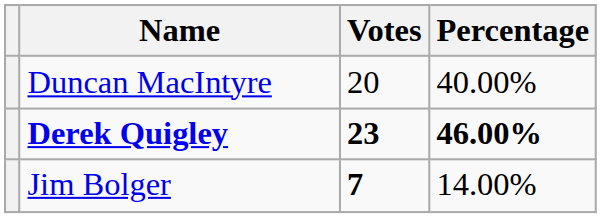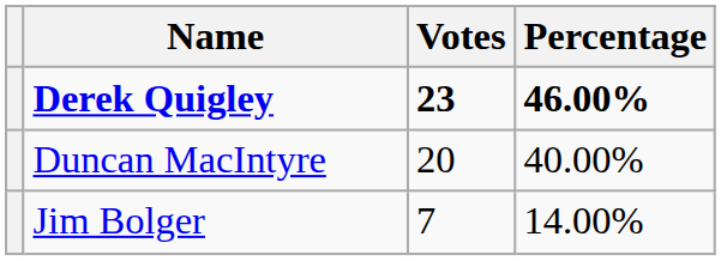 <table class="wikitable">
 <tr>
 <th></th>
 <th>Name</th>
 <th>Votes</th>
 <th>Percentage</th>
 </tr>
 <tr>
 <th style="background-color: "></th>
+<td width="150"><strong><a href='#'>Derek Quigley</a></strong></td>
+<td><strong>23</strong></td>
+<td><strong>46.00%</strong></td>
+</tr>
+<tr>
+<th style="background-color: "></th>
 <td><a href='#'>Duncan MacIntyre</a></td>
 <td>20</td>
 <td>40.00%</td>
 </tr>
 <tr>
 <th style="background-color: "></th>
-<td width="150"><strong><a href='#'>Derek Quigley</a></strong></td>
-<td><strong>23</strong></td>
-<td><strong>46.00%</strong></td>
-</tr>
-<tr>
-<th style="background-color: "></th>
 <td><a href='#'>Jim Bolger</a></td>
-<td><strong>7</strong></td>
+<td>7</td>
 <td>14.00%</td>
 </tr>
 </table>
